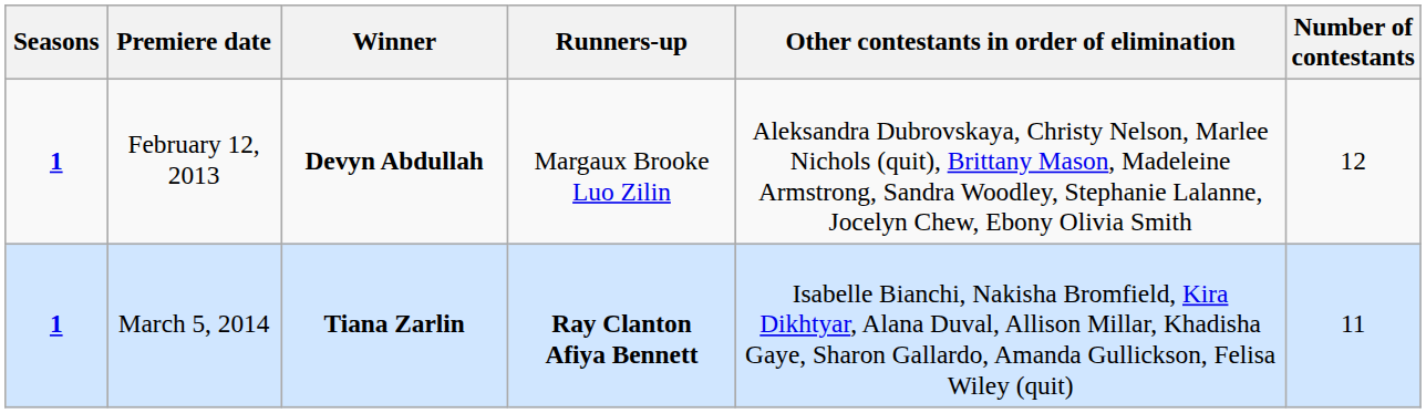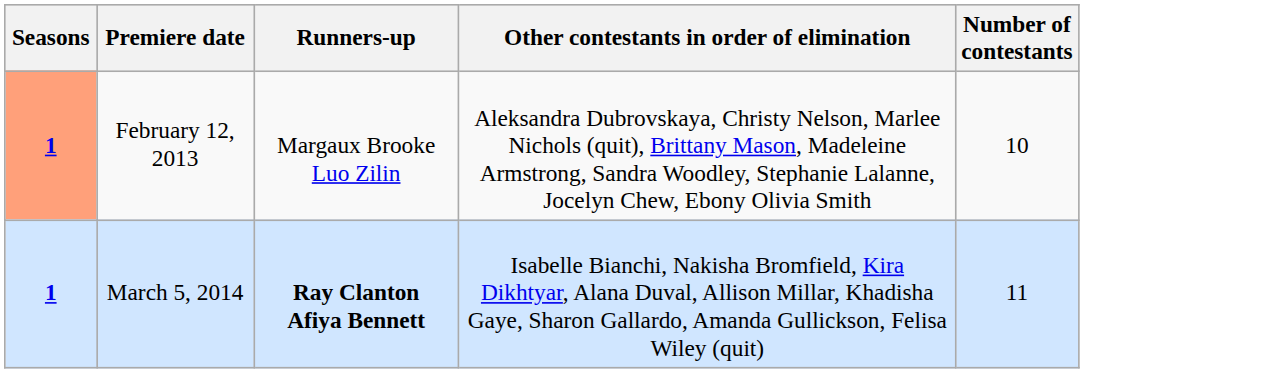 <table class="wikitable" style="font-size:90%; text-align: center;">
 <tr>
 <th width="50">Seasons</th>
 <th width="90">Premiere date</th>
-<th width="120">Winner</th>
 <th width="120">Runners-up</th>
 <th width="300">Other contestants in order of elimination</th>
 <th width="30">Number of contestants</th>
 </tr>
 <tr>
-<td><strong><a href='#'>1</a></strong></td>
+<td style="background: lightsalmon;"><strong><a href='#'>1</a></strong></td>
 <td>February 12, 2013</td>
-<td><strong>Devyn Abdullah</strong></td>
 <td><br>Margaux Brooke<br> <a href='#'>Luo Zilin</a></td>
 <td><br>Aleksandra Dubrovskaya,  Christy Nelson,  Marlee Nichols (quit),  <a href='#'>Brittany Mason</a>,  Madeleine Armstrong,  Sandra Woodley,  Stephanie Lalanne,  Jocelyn Chew,  Ebony Olivia Smith</td>
-<td>12</td>
+<td>10</td>
 </tr>
 <tr style="background: #D0E6FF;">
 <td><strong><a href='#'>1</a></strong></td>
 <td>March 5, 2014</td>
-<td><strong>Tiana Zarlin</strong></td>
 <td><strong><br>Ray Clanton<br> Afiya Bennett</strong></td>
 <td><br>Isabelle Bianchi,  Nakisha Bromfield,  <a href='#'>Kira Dikhtyar</a>,  Alana Duval,  Allison Millar,  Khadisha Gaye,  Sharon Gallardo,  Amanda Gullickson,  Felisa Wiley (quit)</td>
 <td>11</td>
 </tr>
 </table>
